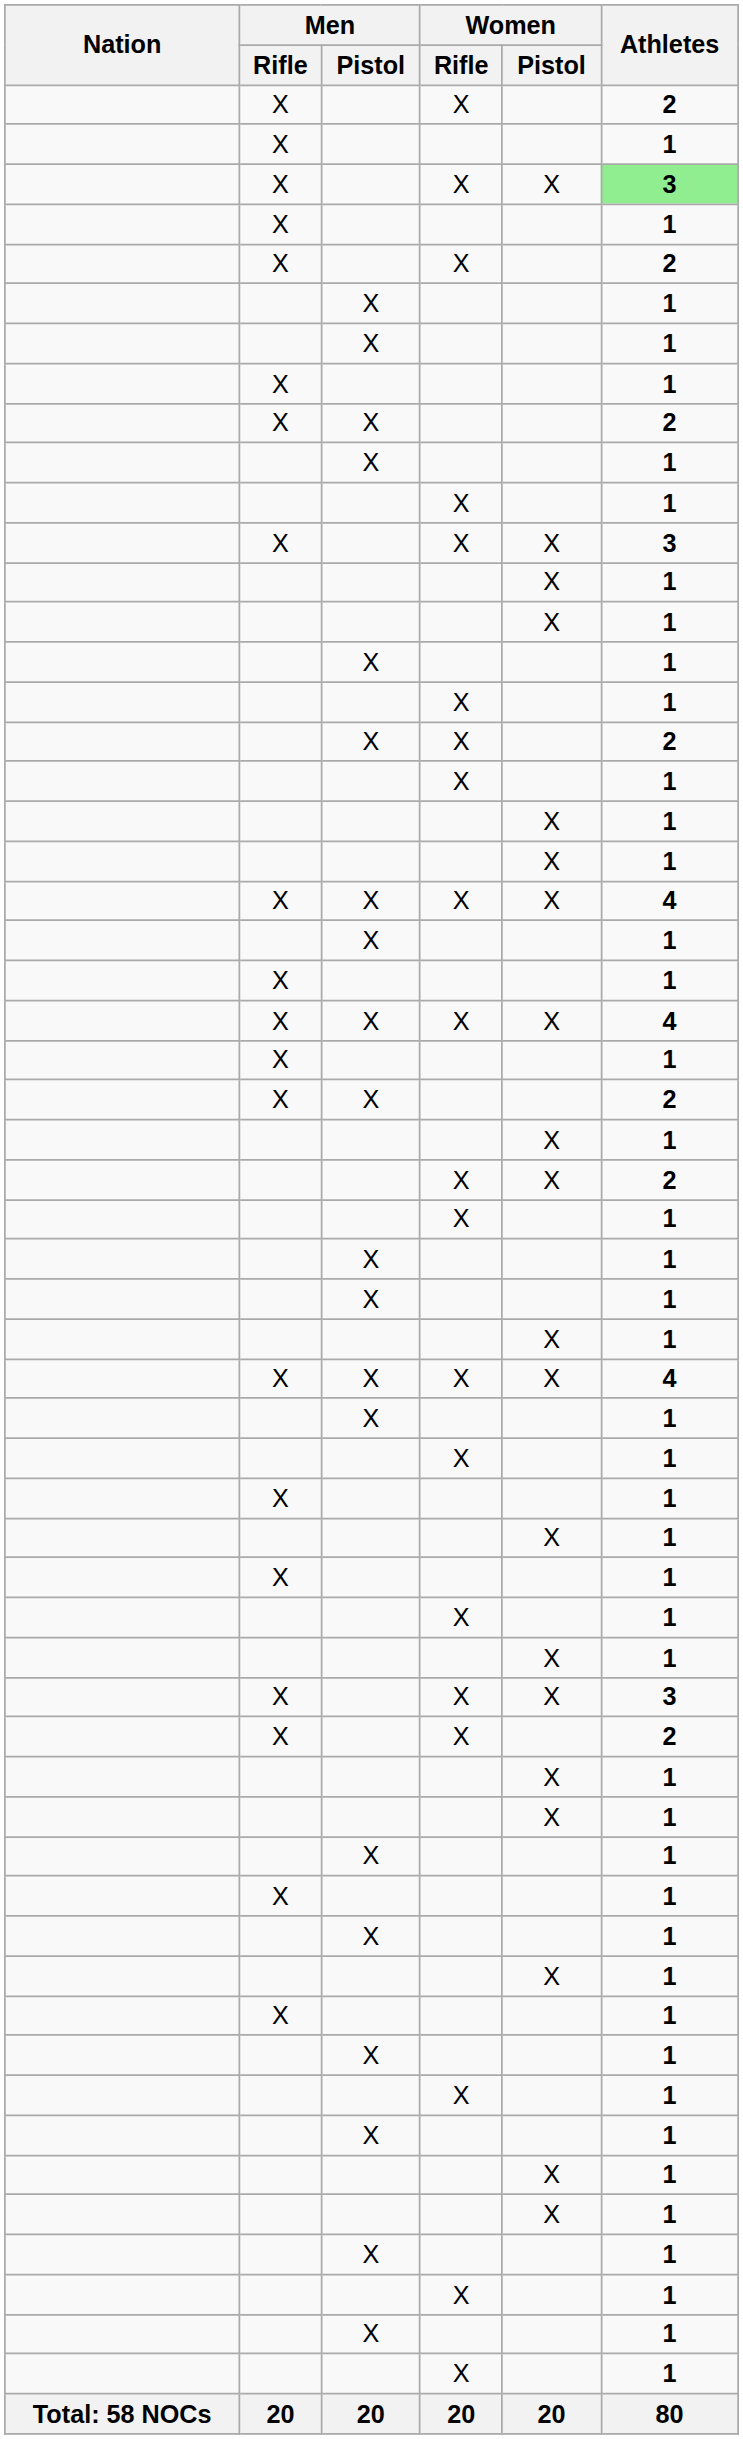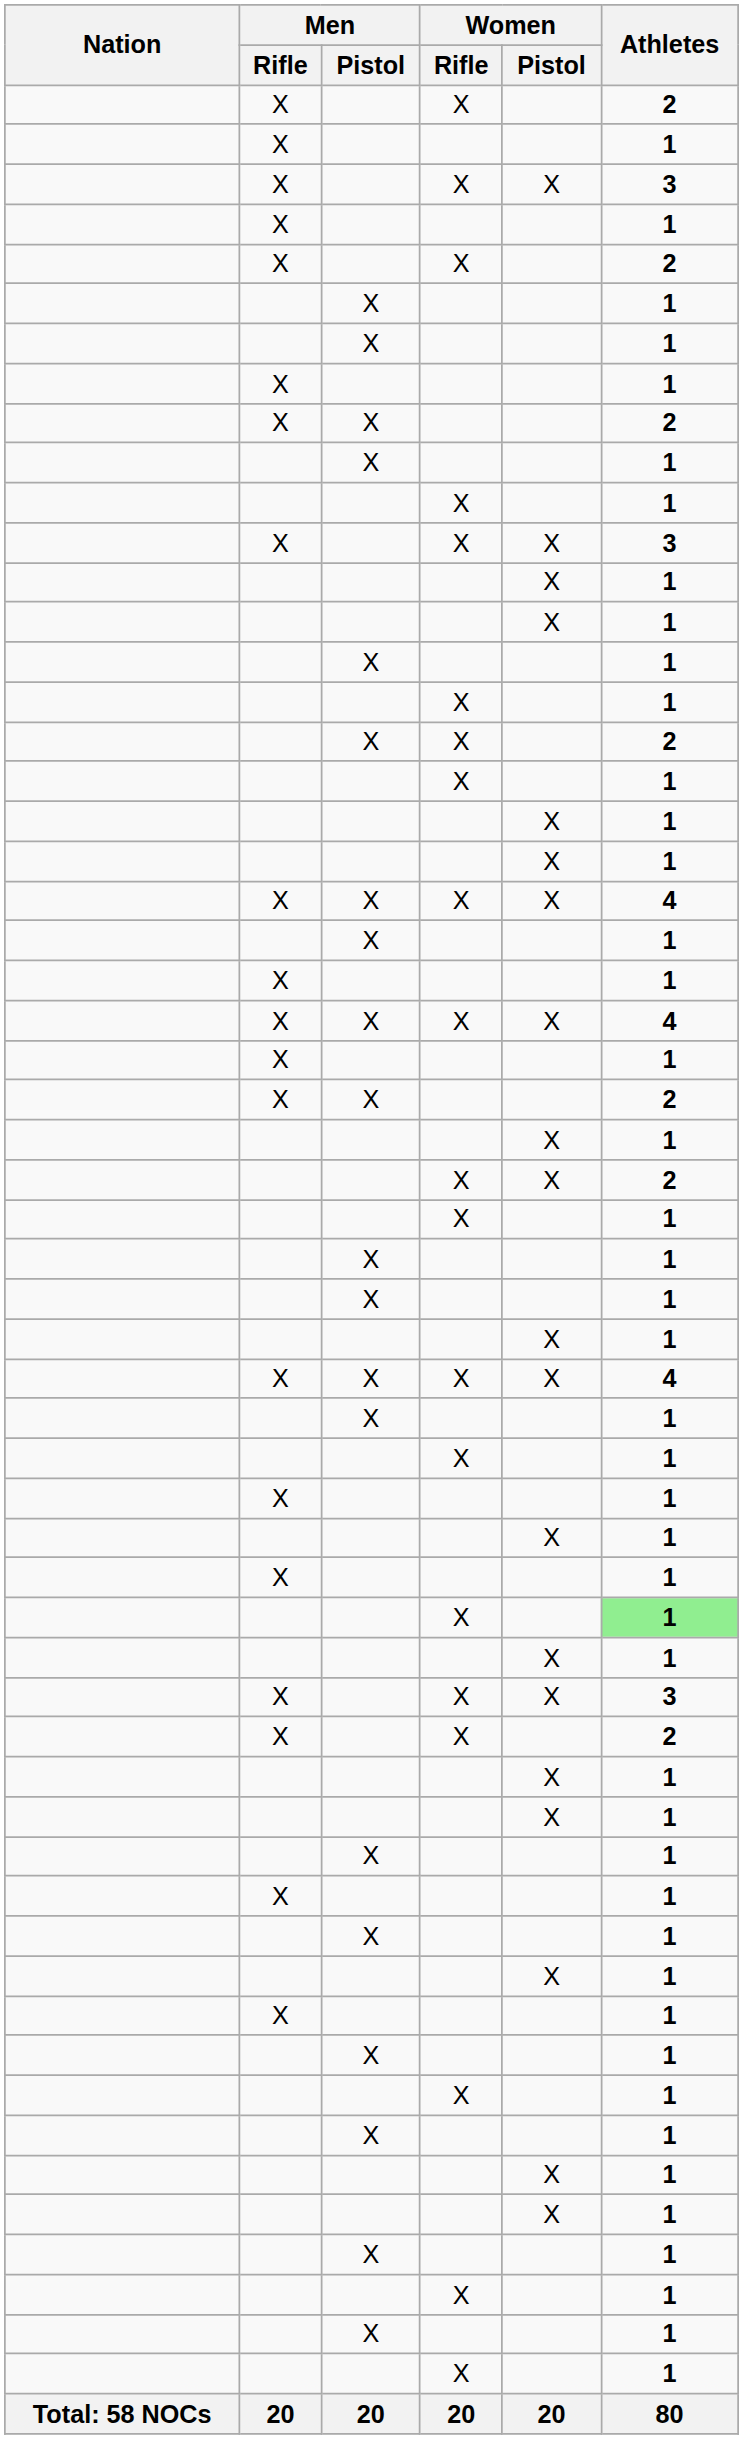 <table class="wikitable" width=420 style="text-align:center; font-size:90%">
 <tr>
 <th rowspan="2" align="left">Nation</th>
 <th colspan="2">Men</th>
 <th colspan="2">Women</th>
 <th rowspan=2>Athletes</th>
 </tr>
 <tr>
 <th>Rifle</th>
 <th>Pistol</th>
 <th>Rifle</th>
 <th>Pistol</th>
 </tr>
 <tr>
 <td align=left></td>
 <td>X</td>
 <td></td>
 <td>X</td>
 <td></td>
 <td><strong>2</strong></td>
 </tr>
 <tr>
 <td align=left></td>
 <td>X</td>
 <td></td>
 <td></td>
 <td></td>
 <td><strong>1</strong></td>
 </tr>
 <tr>
 <td align=left></td>
 <td>X</td>
 <td></td>
 <td>X</td>
 <td>X</td>
-<td style="background: lightgreen;"><strong>3</strong></td>
+<td><strong>3</strong></td>
 </tr>
 <tr>
 <td align=left></td>
 <td>X</td>
 <td></td>
 <td></td>
 <td></td>
 <td><strong>1</strong></td>
 </tr>
 <tr>
 <td align=left></td>
 <td>X</td>
 <td></td>
 <td>X</td>
 <td></td>
 <td><strong>2</strong></td>
 </tr>
 <tr>
 <td align=left></td>
 <td></td>
 <td>X</td>
 <td></td>
 <td></td>
 <td><strong>1</strong></td>
 </tr>
 <tr>
 <td align=left></td>
 <td></td>
 <td>X</td>
 <td></td>
 <td></td>
 <td><strong>1</strong></td>
 </tr>
 <tr>
 <td align=left></td>
 <td>X</td>
 <td></td>
 <td></td>
 <td></td>
 <td><strong>1</strong></td>
 </tr>
 <tr>
 <td align=left></td>
 <td>X</td>
 <td>X</td>
 <td></td>
 <td></td>
 <td><strong>2</strong></td>
 </tr>
 <tr>
 <td align=left></td>
 <td></td>
 <td>X</td>
 <td></td>
 <td></td>
 <td><strong>1</strong></td>
 </tr>
 <tr>
 <td align=left></td>
 <td></td>
 <td></td>
 <td>X</td>
 <td></td>
 <td><strong>1</strong></td>
 </tr>
 <tr>
 <td align=left></td>
 <td>X</td>
 <td></td>
 <td>X</td>
 <td>X</td>
 <td><strong>3</strong></td>
 </tr>
 <tr>
 <td align=left></td>
 <td></td>
 <td></td>
 <td></td>
 <td>X</td>
 <td><strong>1</strong></td>
 </tr>
 <tr>
 <td align=left></td>
 <td></td>
 <td></td>
 <td></td>
 <td>X</td>
 <td><strong>1</strong></td>
 </tr>
 <tr>
 <td align=left></td>
 <td></td>
 <td>X</td>
 <td></td>
 <td></td>
 <td><strong>1</strong></td>
 </tr>
 <tr>
 <td align=left></td>
 <td></td>
 <td></td>
 <td>X</td>
 <td></td>
 <td><strong>1</strong></td>
 </tr>
 <tr>
 <td align=left></td>
 <td></td>
 <td>X</td>
 <td>X</td>
 <td></td>
 <td><strong>2</strong></td>
 </tr>
 <tr>
 <td align=left></td>
 <td></td>
 <td></td>
 <td>X</td>
 <td></td>
 <td><strong>1</strong></td>
 </tr>
 <tr>
 <td align=left></td>
 <td></td>
 <td></td>
 <td></td>
 <td>X</td>
 <td><strong>1</strong></td>
 </tr>
 <tr>
 <td align=left></td>
 <td></td>
 <td></td>
 <td></td>
 <td>X</td>
 <td><strong>1</strong></td>
 </tr>
 <tr>
 <td align=left></td>
 <td>X</td>
 <td>X</td>
 <td>X</td>
 <td>X</td>
 <td><strong>4</strong></td>
 </tr>
 <tr>
 <td align=left></td>
 <td></td>
 <td>X</td>
 <td></td>
 <td></td>
 <td><strong>1</strong></td>
 </tr>
 <tr>
 <td align=left></td>
 <td>X</td>
 <td></td>
 <td></td>
 <td></td>
 <td><strong>1</strong></td>
 </tr>
 <tr>
 <td align=left></td>
 <td>X</td>
 <td>X</td>
 <td>X</td>
 <td>X</td>
 <td><strong>4</strong></td>
 </tr>
 <tr>
 <td align=left></td>
 <td>X</td>
 <td></td>
 <td></td>
 <td></td>
 <td><strong>1</strong></td>
 </tr>
 <tr>
 <td align=left></td>
 <td>X</td>
 <td>X</td>
 <td></td>
 <td></td>
 <td><strong>2</strong></td>
 </tr>
 <tr>
 <td align=left></td>
 <td></td>
 <td></td>
 <td></td>
 <td>X</td>
 <td><strong>1</strong></td>
 </tr>
 <tr>
 <td align=left></td>
 <td></td>
 <td></td>
 <td>X</td>
 <td>X</td>
 <td><strong>2</strong></td>
 </tr>
 <tr>
 <td align=left></td>
 <td></td>
 <td></td>
 <td>X</td>
 <td></td>
 <td><strong>1</strong></td>
 </tr>
 <tr>
 <td align=left></td>
 <td></td>
 <td>X</td>
 <td></td>
 <td></td>
 <td><strong>1</strong></td>
 </tr>
 <tr>
 <td align=left></td>
 <td></td>
 <td>X</td>
 <td></td>
 <td></td>
 <td><strong>1</strong></td>
 </tr>
 <tr>
 <td align=left></td>
 <td></td>
 <td></td>
 <td></td>
 <td>X</td>
 <td><strong>1</strong></td>
 </tr>
 <tr>
 <td align=left></td>
 <td>X</td>
 <td>X</td>
 <td>X</td>
 <td>X</td>
 <td><strong>4</strong></td>
 </tr>
 <tr>
 <td align=left></td>
 <td></td>
 <td>X</td>
 <td></td>
 <td></td>
 <td><strong>1</strong></td>
 </tr>
 <tr>
 <td align=left></td>
 <td></td>
 <td></td>
 <td>X</td>
 <td></td>
 <td><strong>1</strong></td>
 </tr>
 <tr>
 <td align=left></td>
 <td>X</td>
 <td></td>
 <td></td>
 <td></td>
 <td><strong>1</strong></td>
 </tr>
 <tr>
 <td align=left></td>
 <td></td>
 <td></td>
 <td></td>
 <td>X</td>
 <td><strong>1</strong></td>
 </tr>
 <tr>
 <td align=left></td>
 <td>X</td>
 <td></td>
 <td></td>
 <td></td>
 <td><strong>1</strong></td>
 </tr>
 <tr>
 <td align=left></td>
 <td></td>
 <td></td>
 <td>X</td>
 <td></td>
-<td><strong>1</strong></td>
+<td style="background: lightgreen;"><strong>1</strong></td>
 </tr>
 <tr>
 <td align=left></td>
 <td></td>
 <td></td>
 <td></td>
 <td>X</td>
 <td><strong>1</strong></td>
 </tr>
 <tr>
 <td align=left></td>
 <td>X</td>
 <td></td>
 <td>X</td>
 <td>X</td>
 <td><strong>3</strong></td>
 </tr>
 <tr>
 <td align=left></td>
 <td>X</td>
 <td></td>
 <td>X</td>
 <td></td>
 <td><strong>2</strong></td>
 </tr>
 <tr>
 <td align=left></td>
 <td></td>
 <td></td>
 <td></td>
 <td>X</td>
 <td><strong>1</strong></td>
 </tr>
 <tr>
 <td align=left></td>
 <td></td>
 <td></td>
 <td></td>
 <td>X</td>
 <td><strong>1</strong></td>
 </tr>
 <tr>
 <td align=left></td>
 <td></td>
 <td>X</td>
 <td></td>
 <td></td>
 <td><strong>1</strong></td>
 </tr>
 <tr>
 <td align=left></td>
 <td>X</td>
 <td></td>
 <td></td>
 <td></td>
 <td><strong>1</strong></td>
 </tr>
 <tr>
 <td align=left></td>
 <td></td>
 <td>X</td>
 <td></td>
 <td></td>
 <td><strong>1</strong></td>
 </tr>
 <tr>
 <td align=left></td>
 <td></td>
 <td></td>
 <td></td>
 <td>X</td>
 <td><strong>1</strong></td>
 </tr>
 <tr>
 <td align=left></td>
 <td>X</td>
 <td></td>
 <td></td>
 <td></td>
 <td><strong>1</strong></td>
 </tr>
 <tr>
 <td align=left></td>
 <td></td>
 <td>X</td>
 <td></td>
 <td></td>
 <td><strong>1</strong></td>
 </tr>
 <tr>
 <td align=left></td>
 <td></td>
 <td></td>
 <td>X</td>
 <td></td>
 <td><strong>1</strong></td>
 </tr>
 <tr>
 <td align=left></td>
 <td></td>
 <td>X</td>
 <td></td>
 <td></td>
 <td><strong>1</strong></td>
 </tr>
 <tr>
 <td align=left></td>
 <td></td>
 <td></td>
 <td></td>
 <td>X</td>
 <td><strong>1</strong></td>
 </tr>
 <tr>
 <td align=left></td>
 <td></td>
 <td></td>
 <td></td>
 <td>X</td>
 <td><strong>1</strong></td>
 </tr>
 <tr>
 <td align=left></td>
 <td></td>
 <td>X</td>
 <td></td>
 <td></td>
 <td><strong>1</strong></td>
 </tr>
 <tr>
 <td align=left></td>
 <td></td>
 <td></td>
 <td>X</td>
 <td></td>
 <td><strong>1</strong></td>
 </tr>
 <tr>
 <td align=left></td>
 <td></td>
 <td>X</td>
 <td></td>
 <td></td>
 <td><strong>1</strong></td>
 </tr>
 <tr>
 <td align=left></td>
 <td></td>
 <td></td>
 <td>X</td>
 <td></td>
 <td><strong>1</strong></td>
 </tr>
 <tr>
 <th>Total: 58 NOCs</th>
 <th>20</th>
 <th>20</th>
 <th>20</th>
 <th>20</th>
 <th>80</th>
 </tr>
 </table>
